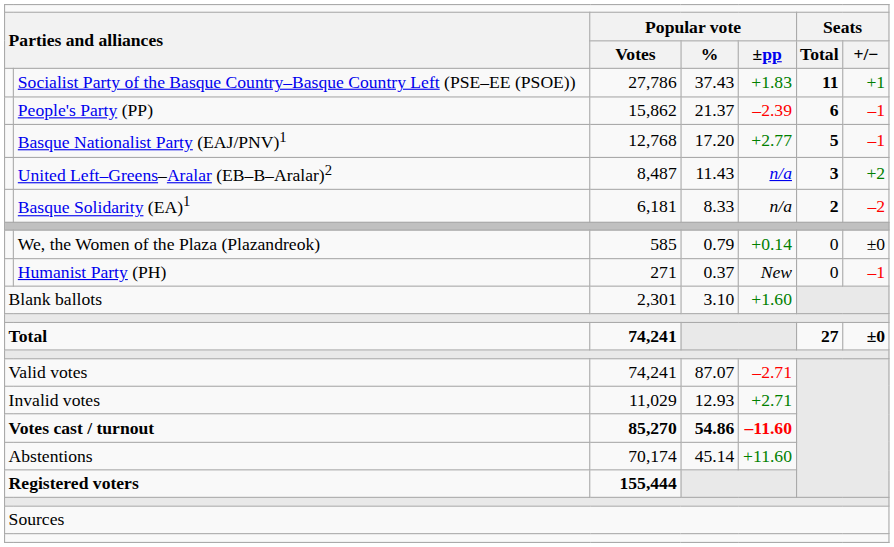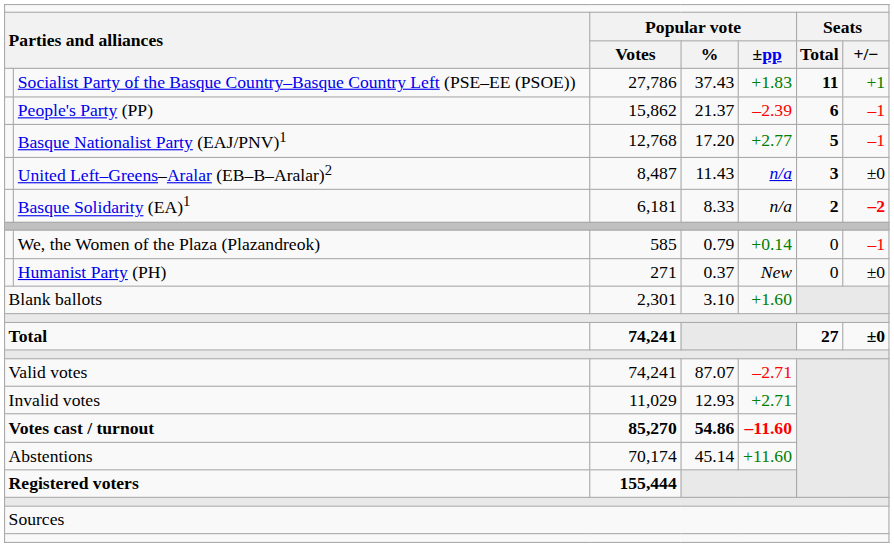 <table class="wikitable" style="text-align:right;">
 <tr>
 <td colspan="7"></td>
 </tr>
 <tr>
 <th style="text-align:left;" rowspan="2" colspan="2" width="525">Parties and alliances</th>
 <th colspan="3">Popular vote</th>
 <th colspan="2">Seats</th>
 </tr>
 <tr>
 <th width="75">Votes</th>
 <th width="45">%</th>
 <th width="45">±<a href='#'>pp</a></th>
 <th width="35">Total</th>
 <th width="35">+/−</th>
 </tr>
 <tr>
 <td width="1" style="color:inherit;background:"></td>
 <td align="left"><a href='#'>Socialist Party of the Basque Country–Basque Country Left</a> (PSE–EE (PSOE))</td>
 <td>27,786</td>
 <td>37.43</td>
 <td style="color:green;">+1.83</td>
 <td><strong>11</strong></td>
 <td style="color:green;">+1</td>
 </tr>
 <tr>
 <td style="color:inherit;background:"></td>
 <td align="left"><a href='#'>People's Party</a> (PP)</td>
 <td>15,862</td>
 <td>21.37</td>
 <td style="color:red;">–2.39</td>
 <td><strong>6</strong></td>
 <td style="color:red;">–1</td>
 </tr>
 <tr>
 <td style="color:inherit;background:"></td>
 <td align="left"><a href='#'>Basque Nationalist Party</a> (EAJ/PNV)<sup>1</sup></td>
 <td>12,768</td>
 <td>17.20</td>
 <td style="color:green;">+2.77</td>
 <td><strong>5</strong></td>
 <td style="color:red;">–1</td>
 </tr>
 <tr>
 <td style="color:inherit;background:"></td>
 <td align="left"><a href='#'>United Left–Greens</a>–<a href='#'>Aralar</a> (EB–B–Aralar)<sup>2</sup></td>
 <td>8,487</td>
 <td>11.43</td>
 <td><em><a href='#'>n/a</a></em></td>
 <td><strong>3</strong></td>
-<td style="color:green;">+2</td>
+<td>±0</td>
 </tr>
 <tr>
 <td style="color:inherit;background:"></td>
 <td align="left"><a href='#'>Basque Solidarity</a> (EA)<sup>1</sup></td>
 <td>6,181</td>
 <td>8.33</td>
 <td><em>n/a</em></td>
 <td><strong>2</strong></td>
-<td style="color:red;">–2</td>
+<td style="color:red;"><strong>–2</strong></td>
 </tr>
 <tr>
 <td colspan="7" bgcolor="#C0C0C0"></td>
 </tr>
 <tr>
 <td style="color:inherit;background:"></td>
 <td align="left">We, the Women of the Plaza (Plazandreok)</td>
 <td>585</td>
 <td>0.79</td>
 <td style="color:green;">+0.14</td>
 <td>0</td>
-<td>±0</td>
+<td style="color:red;">–1</td>
 </tr>
 <tr>
 <td style="color:inherit;background:"></td>
 <td align="left"><a href='#'>Humanist Party</a> (PH)</td>
 <td>271</td>
 <td>0.37</td>
 <td><em>New</em></td>
 <td>0</td>
-<td style="color:red;">–1</td>
+<td>±0</td>
 </tr>
 <tr>
 <td align="left" colspan="2">Blank ballots</td>
 <td>2,301</td>
 <td>3.10</td>
 <td style="color:green;">+1.60</td>
 <td bgcolor="#E9E9E9" colspan="2"></td>
 </tr>
 <tr>
 <td colspan="7" bgcolor="#E9E9E9"></td>
 </tr>
 <tr style="font-weight:bold;">
 <td align="left" colspan="2">Total</td>
 <td>74,241</td>
 <td bgcolor="#E9E9E9" colspan="2"></td>
 <td>27</td>
 <td>±0</td>
 </tr>
 <tr>
 <td colspan="7" bgcolor="#E9E9E9"></td>
 </tr>
 <tr>
 <td align="left" colspan="2">Valid votes</td>
 <td>74,241</td>
 <td>87.07</td>
 <td style="color:red;">–2.71</td>
 <td bgcolor="#E9E9E9" colspan="2" rowspan="5"></td>
 </tr>
 <tr>
 <td align="left" colspan="2">Invalid votes</td>
 <td>11,029</td>
 <td>12.93</td>
 <td style="color:green;">+2.71</td>
 </tr>
 <tr style="font-weight:bold;">
 <td align="left" colspan="2">Votes cast / turnout</td>
 <td>85,270</td>
 <td>54.86</td>
 <td style="color:red;">–11.60</td>
 </tr>
 <tr>
 <td align="left" colspan="2">Abstentions</td>
 <td>70,174</td>
 <td>45.14</td>
 <td style="color:green;">+11.60</td>
 </tr>
 <tr style="font-weight:bold;">
 <td align="left" colspan="2">Registered voters</td>
 <td>155,444</td>
 <td bgcolor="#E9E9E9" colspan="2"></td>
 </tr>
 <tr>
 <td colspan="7" bgcolor="#E9E9E9"></td>
 </tr>
 <tr>
 <td align="left" colspan="7">Sources</td>
 </tr>
 <tr>
 <td colspan="7" style="text-align:left; max-width:790px;"></td>
 </tr>
 </table>
